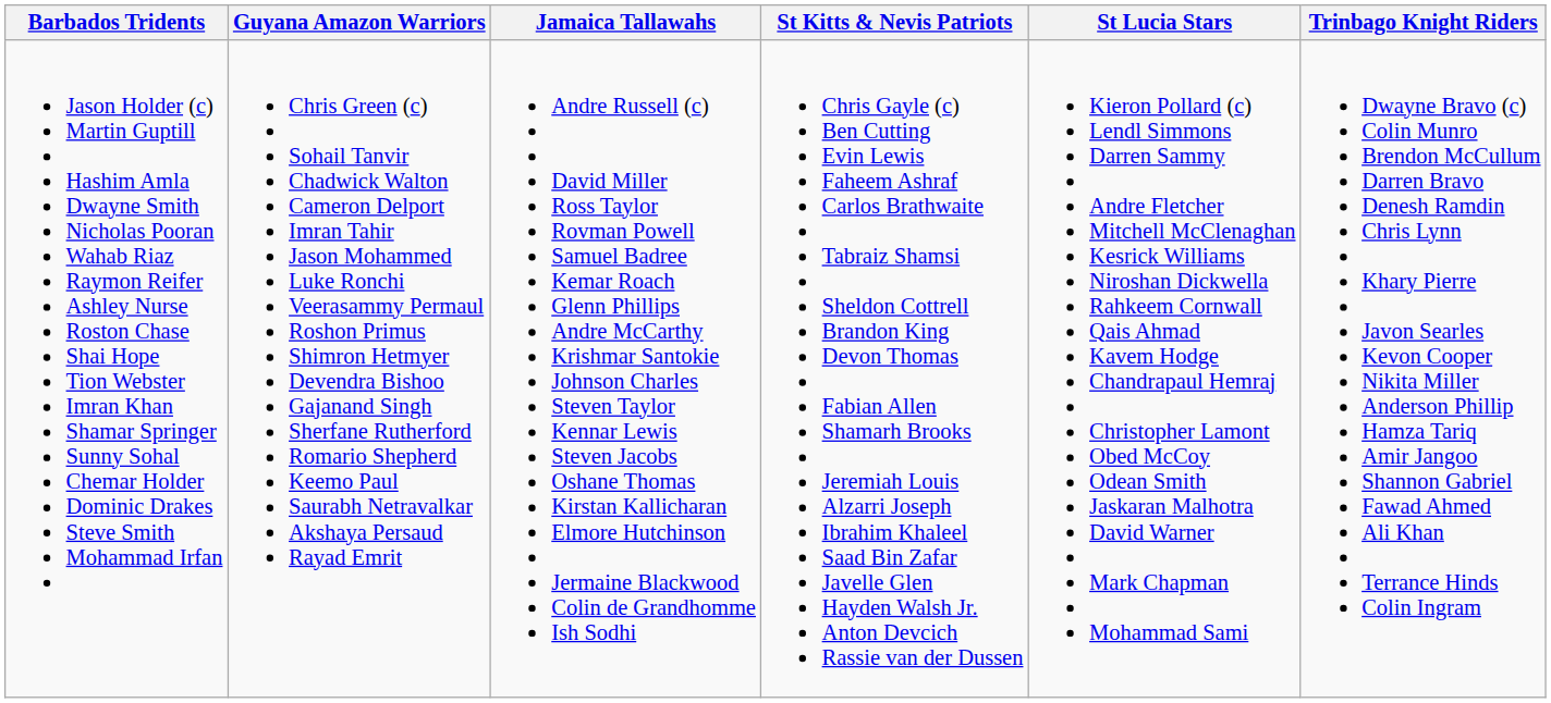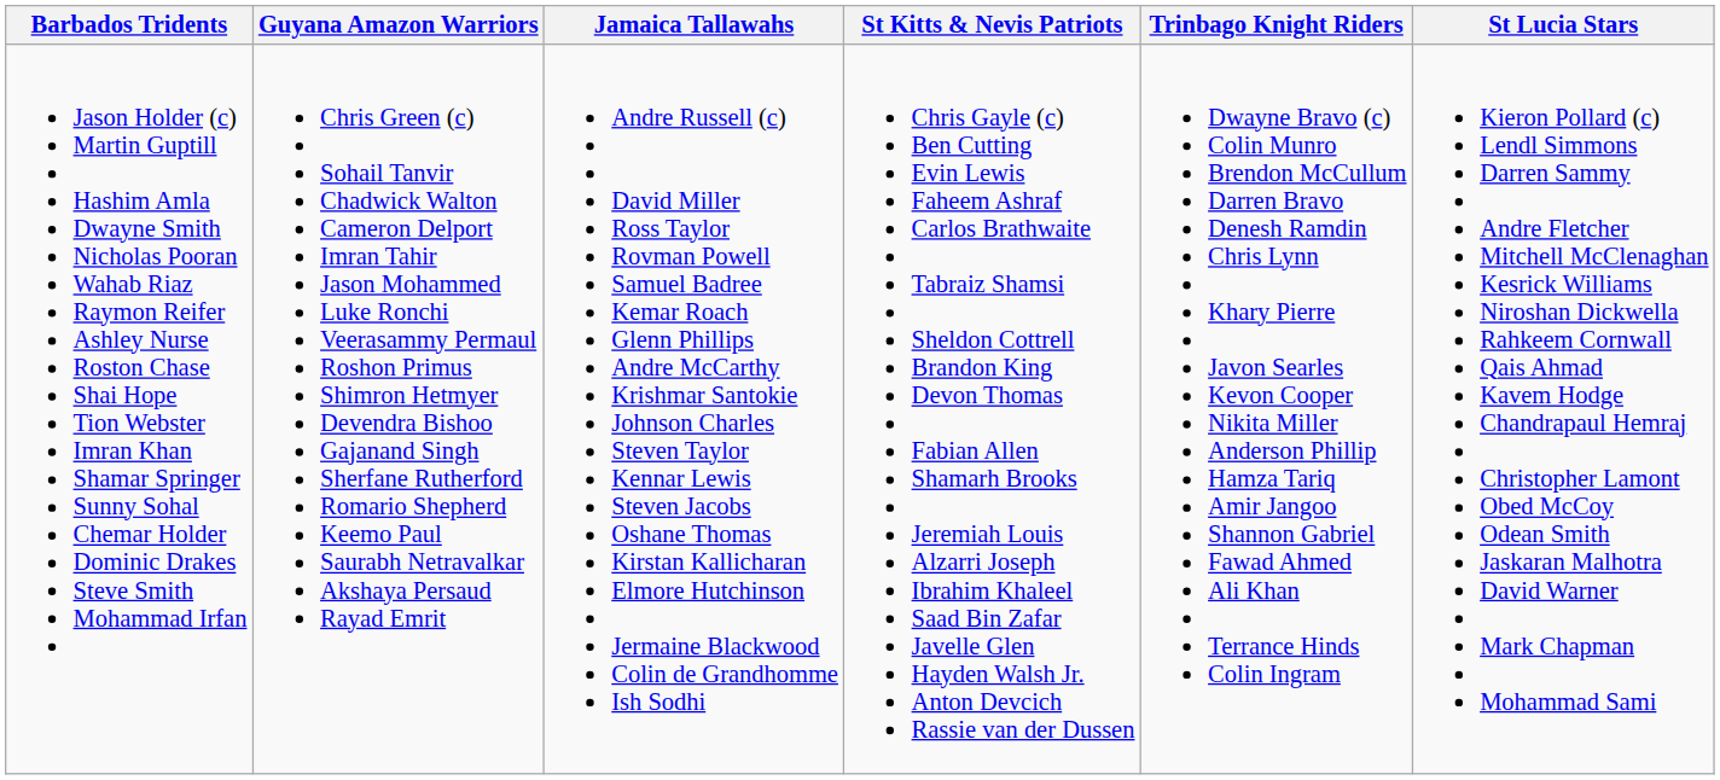 <table class="wikitable">
 <tr>
 <th><a href='#'>Barbados Tridents</a></th>
 <th><a href='#'>Guyana Amazon Warriors</a></th>
 <th><a href='#'>Jamaica Tallawahs</a></th>
 <th><a href='#'>St Kitts & Nevis Patriots</a></th>
+<th><a href='#'>Trinbago Knight Riders</a></th>
 <th><a href='#'>St Lucia Stars</a></th>
-<th><a href='#'>Trinbago Knight Riders</a></th>
 </tr>
 <tr style="vertical-align:top">
 <td><br><ul><li><a href='#'>Jason Holder</a> (<a href='#'>c</a>)</li><li><a href='#'>Martin Guptill</a></li><li> </li><li><a href='#'>Hashim Amla</a></li><li><a href='#'>Dwayne Smith</a></li><li><a href='#'>Nicholas Pooran</a></li><li><a href='#'>Wahab Riaz</a></li><li><a href='#'>Raymon Reifer</a></li><li><a href='#'>Ashley Nurse</a></li><li><a href='#'>Roston Chase</a></li><li><a href='#'>Shai Hope</a></li><li><a href='#'>Tion Webster</a></li><li><a href='#'>Imran Khan</a></li><li><a href='#'>Shamar Springer</a></li><li><a href='#'>Sunny Sohal</a></li><li><a href='#'>Chemar Holder</a></li><li><a href='#'>Dominic Drakes</a></li><li><a href='#'>Steve Smith</a></li><li><a href='#'>Mohammad Irfan</a></li><li></li></ul></td>
 <td><br><ul><li><a href='#'>Chris Green</a> (<a href='#'>c</a>)</li><li></li><li><a href='#'>Sohail Tanvir</a></li><li><a href='#'>Chadwick Walton</a></li><li><a href='#'>Cameron Delport</a></li><li><a href='#'>Imran Tahir</a></li><li><a href='#'>Jason Mohammed</a></li><li><a href='#'>Luke Ronchi</a></li><li><a href='#'>Veerasammy Permaul</a></li><li><a href='#'>Roshon Primus</a></li><li><a href='#'>Shimron Hetmyer</a></li><li><a href='#'>Devendra Bishoo</a></li><li><a href='#'>Gajanand Singh</a></li><li><a href='#'>Sherfane Rutherford</a></li><li><a href='#'>Romario Shepherd</a></li><li><a href='#'>Keemo Paul</a></li><li><a href='#'>Saurabh Netravalkar</a></li><li><a href='#'>Akshaya Persaud</a></li><li><a href='#'>Rayad Emrit</a></li></ul></td>
 <td><br><ul><li><a href='#'>Andre Russell</a> (<a href='#'>c</a>)</li><li></li><li></li><li><a href='#'>David Miller</a></li><li><a href='#'>Ross Taylor</a></li><li><a href='#'>Rovman Powell</a></li><li><a href='#'>Samuel Badree</a></li><li><a href='#'>Kemar Roach</a></li><li><a href='#'>Glenn Phillips</a></li><li><a href='#'>Andre McCarthy</a></li><li><a href='#'>Krishmar Santokie</a></li><li><a href='#'>Johnson Charles</a></li><li><a href='#'>Steven Taylor</a></li><li><a href='#'>Kennar Lewis</a></li><li><a href='#'>Steven Jacobs</a></li><li><a href='#'>Oshane Thomas</a></li><li><a href='#'>Kirstan Kallicharan</a></li><li><a href='#'>Elmore Hutchinson</a></li><li></li><li><a href='#'>Jermaine Blackwood</a></li><li><a href='#'>Colin de Grandhomme</a></li><li><a href='#'>Ish Sodhi</a></li></ul></td>
 <td><br><ul><li><a href='#'>Chris Gayle</a> (<a href='#'>c</a>)</li><li><a href='#'>Ben Cutting</a></li><li><a href='#'>Evin Lewis</a></li><li><a href='#'>Faheem Ashraf</a></li><li><a href='#'>Carlos Brathwaite</a></li><li></li><li><a href='#'>Tabraiz Shamsi</a></li><li></li><li><a href='#'>Sheldon Cottrell</a></li><li><a href='#'>Brandon King</a></li><li><a href='#'>Devon Thomas</a></li><li></li><li><a href='#'>Fabian Allen</a></li><li><a href='#'>Shamarh Brooks</a></li><li></li><li><a href='#'>Jeremiah Louis</a></li><li><a href='#'>Alzarri Joseph</a></li><li><a href='#'>Ibrahim Khaleel</a></li><li><a href='#'>Saad Bin Zafar</a></li><li><a href='#'>Javelle Glen</a></li><li><a href='#'>Hayden Walsh Jr.</a></li><li><a href='#'>Anton Devcich</a></li><li><a href='#'>Rassie van der Dussen</a></li></ul></td>
+<td><br><ul><li><a href='#'>Dwayne Bravo</a> (<a href='#'>c</a>)</li><li><a href='#'>Colin Munro</a></li><li><a href='#'>Brendon McCullum</a></li><li><a href='#'>Darren Bravo</a></li><li><a href='#'>Denesh Ramdin</a></li><li><a href='#'>Chris Lynn</a></li><li></li><li><a href='#'>Khary Pierre</a></li><li></li><li><a href='#'>Javon Searles</a></li><li><a href='#'>Kevon Cooper</a></li><li><a href='#'>Nikita Miller</a></li><li><a href='#'>Anderson Phillip</a></li><li><a href='#'>Hamza Tariq</a></li><li><a href='#'>Amir Jangoo</a></li><li><a href='#'>Shannon Gabriel</a></li><li><a href='#'>Fawad Ahmed</a></li><li><a href='#'>Ali Khan</a></li><li></li><li><a href='#'>Terrance Hinds</a></li><li><a href='#'>Colin Ingram</a></li></ul></td>
 <td><br><ul><li><a href='#'>Kieron Pollard</a> (<a href='#'>c</a>)</li><li><a href='#'>Lendl Simmons</a></li><li><a href='#'>Darren Sammy</a></li><li></li><li><a href='#'>Andre Fletcher</a></li><li><a href='#'>Mitchell McClenaghan</a></li><li><a href='#'>Kesrick Williams</a></li><li><a href='#'>Niroshan Dickwella</a></li><li><a href='#'>Rahkeem Cornwall</a></li><li><a href='#'>Qais Ahmad</a></li><li><a href='#'>Kavem Hodge</a></li><li><a href='#'>Chandrapaul Hemraj</a></li><li></li><li><a href='#'>Christopher Lamont</a></li><li><a href='#'>Obed McCoy</a></li><li><a href='#'>Odean Smith</a></li><li><a href='#'>Jaskaran Malhotra</a></li><li><a href='#'>David Warner</a></li><li></li><li><a href='#'>Mark Chapman</a></li><li></li><li><a href='#'>Mohammad Sami</a></li></ul></td>
-<td><br><ul><li><a href='#'>Dwayne Bravo</a> (<a href='#'>c</a>)</li><li><a href='#'>Colin Munro</a></li><li><a href='#'>Brendon McCullum</a></li><li><a href='#'>Darren Bravo</a></li><li><a href='#'>Denesh Ramdin</a></li><li><a href='#'>Chris Lynn</a></li><li></li><li><a href='#'>Khary Pierre</a></li><li></li><li><a href='#'>Javon Searles</a></li><li><a href='#'>Kevon Cooper</a></li><li><a href='#'>Nikita Miller</a></li><li><a href='#'>Anderson Phillip</a></li><li><a href='#'>Hamza Tariq</a></li><li><a href='#'>Amir Jangoo</a></li><li><a href='#'>Shannon Gabriel</a></li><li><a href='#'>Fawad Ahmed</a></li><li><a href='#'>Ali Khan</a></li><li></li><li><a href='#'>Terrance Hinds</a></li><li><a href='#'>Colin Ingram</a></li></ul></td>
 </tr>
 </table>
